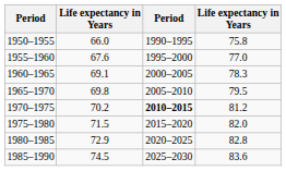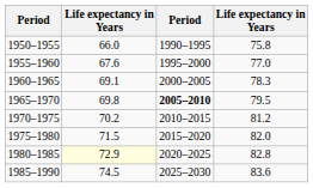 <table class="wikitable" style="text-align: center;">
 <tr>
 <th>Period</th>
 <th>Life expectancy in<br>Years</th>
 <th>Period</th>
 <th>Life expectancy in<br>Years</th>
 </tr>
 <tr>
 <td>1950–1955</td>
 <td>66.0</td>
 <td>1990–1995</td>
 <td>75.8</td>
 </tr>
 <tr>
 <td>1955–1960</td>
 <td>67.6</td>
 <td>1995–2000</td>
 <td>77.0</td>
 </tr>
 <tr>
 <td>1960–1965</td>
 <td>69.1</td>
 <td>2000–2005</td>
 <td>78.3</td>
 </tr>
 <tr>
 <td>1965–1970</td>
 <td>69.8</td>
-<td>2005–2010</td>
+<td><strong>2005–2010</strong></td>
 <td>79.5</td>
 </tr>
 <tr>
 <td>1970–1975</td>
 <td>70.2</td>
-<td><strong>2010–2015</strong></td>
+<td>2010–2015</td>
 <td>81.2</td>
 </tr>
 <tr>
 <td>1975–1980</td>
 <td>71.5</td>
 <td>2015–2020</td>
 <td>82.0</td>
 </tr>
 <tr>
 <td>1980–1985</td>
-<td>72.9</td>
+<td style="background: lightyellow;">72.9</td>
 <td>2020–2025</td>
 <td>82.8</td>
 </tr>
 <tr>
 <td>1985–1990</td>
 <td>74.5</td>
 <td>2025–2030</td>
 <td>83.6</td>
 </tr>
 </table>
